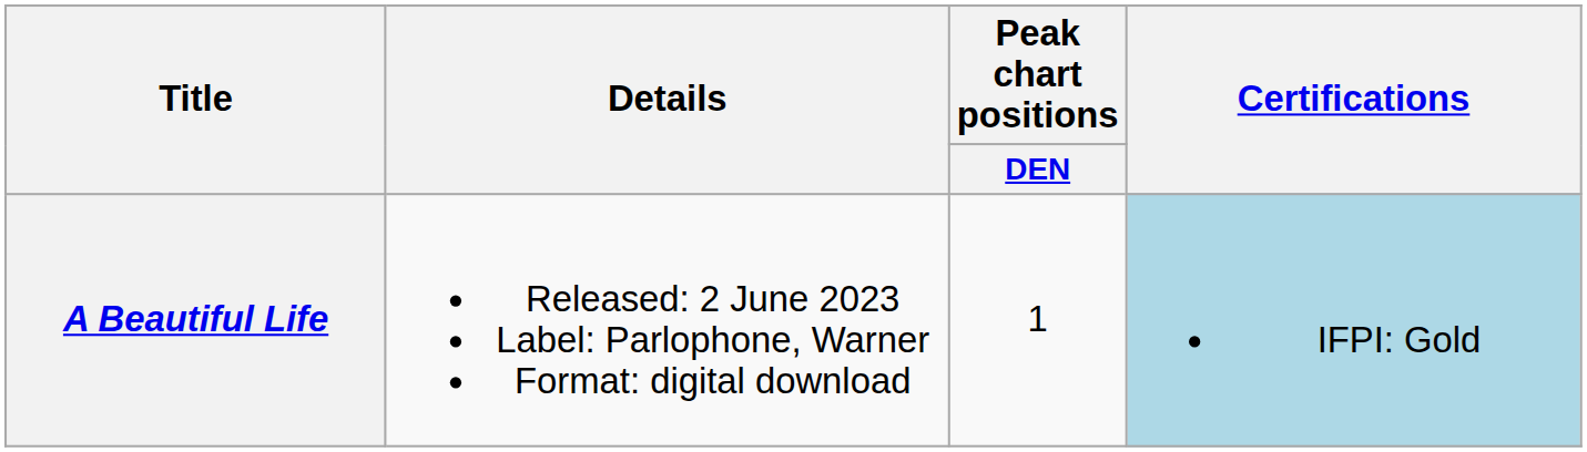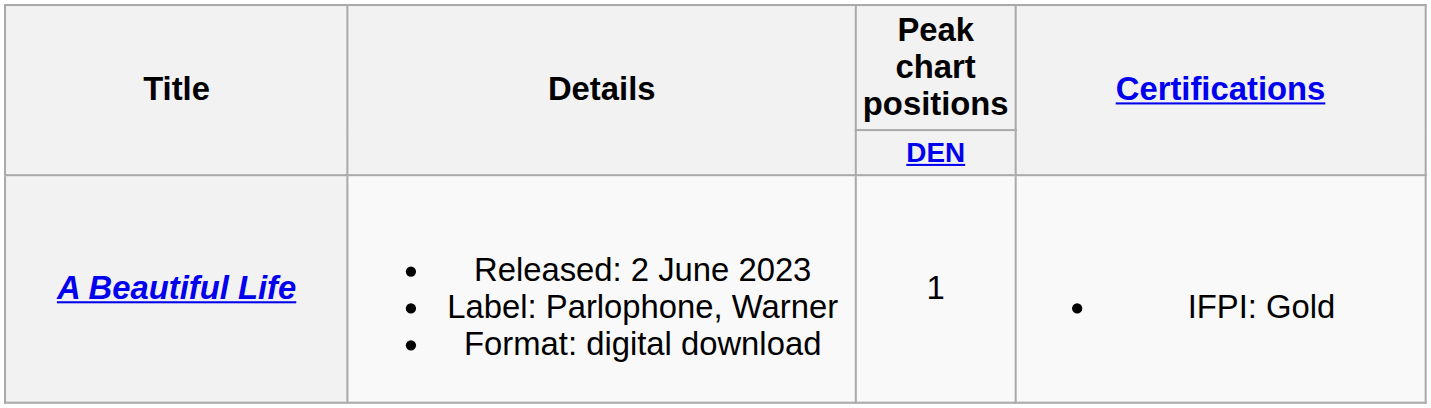 <table class="wikitable plainrowheaders" style="text-align:center;">
 <tr>
 <th scope="col" rowspan="2" style="width:10em;">Title</th>
 <th scope="col" rowspan="2" style="width:15em;">Details</th>
 <th scope="col" colspan="1">Peak chart positions</th>
 <th scope="col" rowspan="2" style="width:12em;"><a href='#'>Certifications</a></th>
 </tr>
 <tr>
 <th scope="col" style="width:3em;font-size:85%;"><a href='#'>DEN</a><br></th>
 </tr>
 <tr>
 <th scope="row"><em><a href='#'>A Beautiful Life</a></em></th>
 <td><br><ul><li>Released: 2 June 2023</li><li>Label: Parlophone, Warner</li><li>Format: digital download</li></ul></td>
 <td>1<br></td>
-<td style="background: lightblue;"><br><ul><li>IFPI: Gold</li></ul></td>
+<td><br><ul><li>IFPI: Gold</li></ul></td>
 </tr>
 </table>
